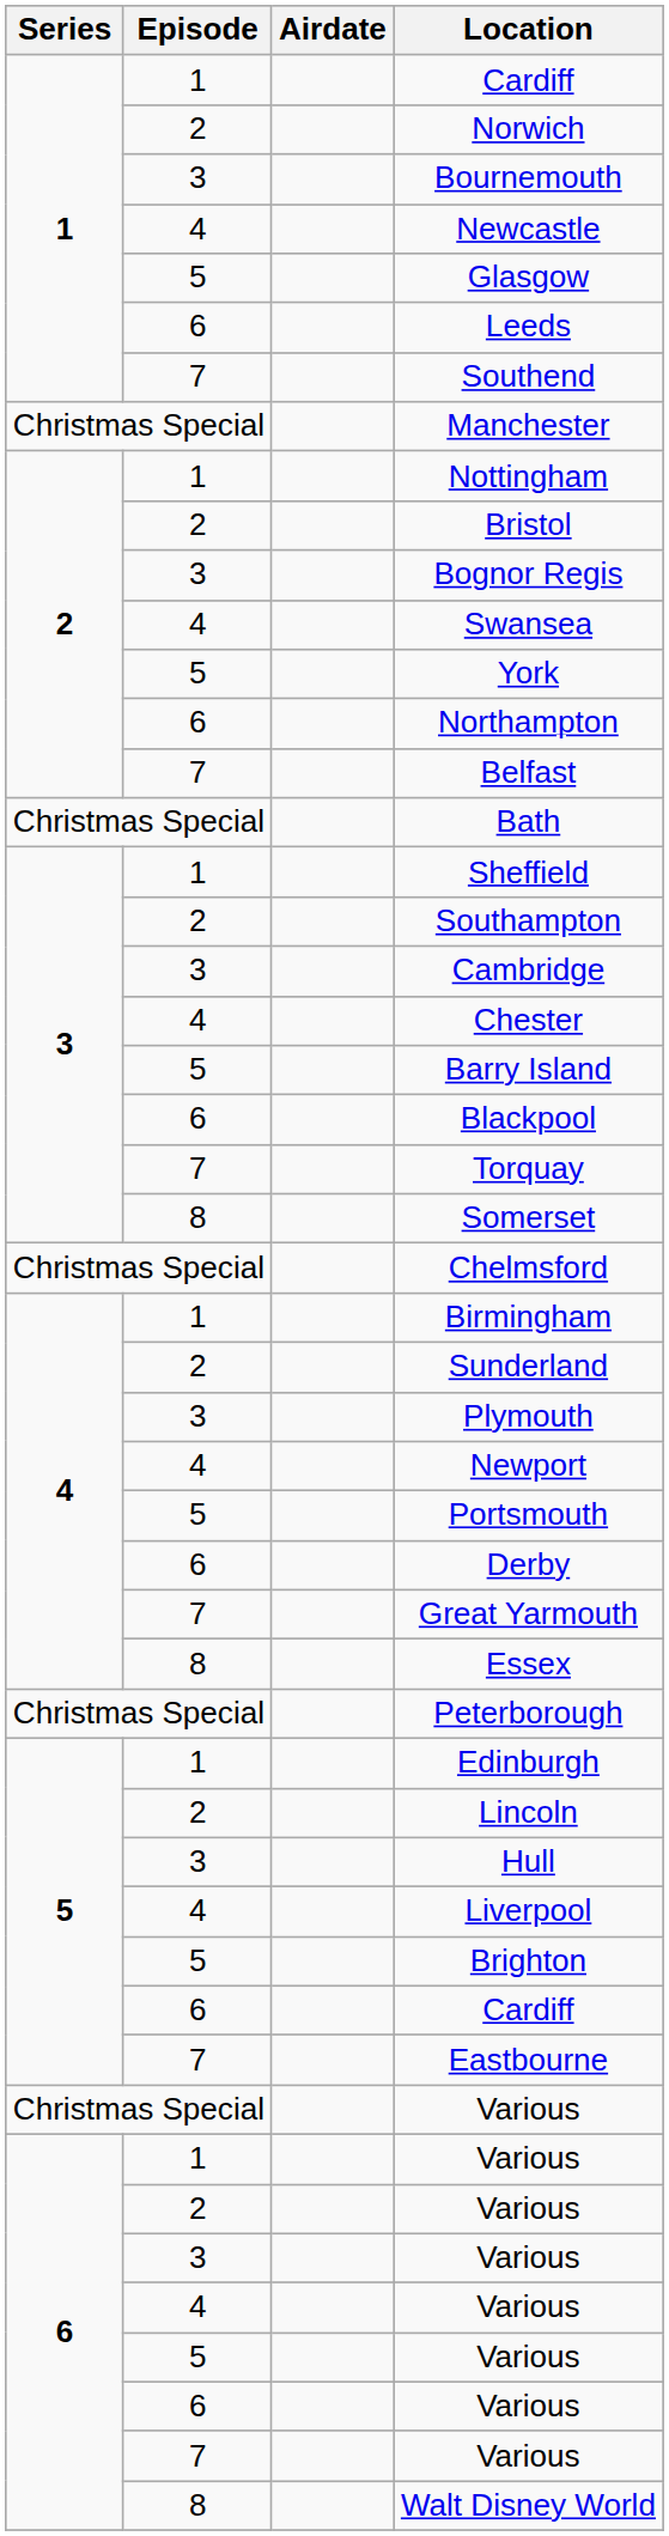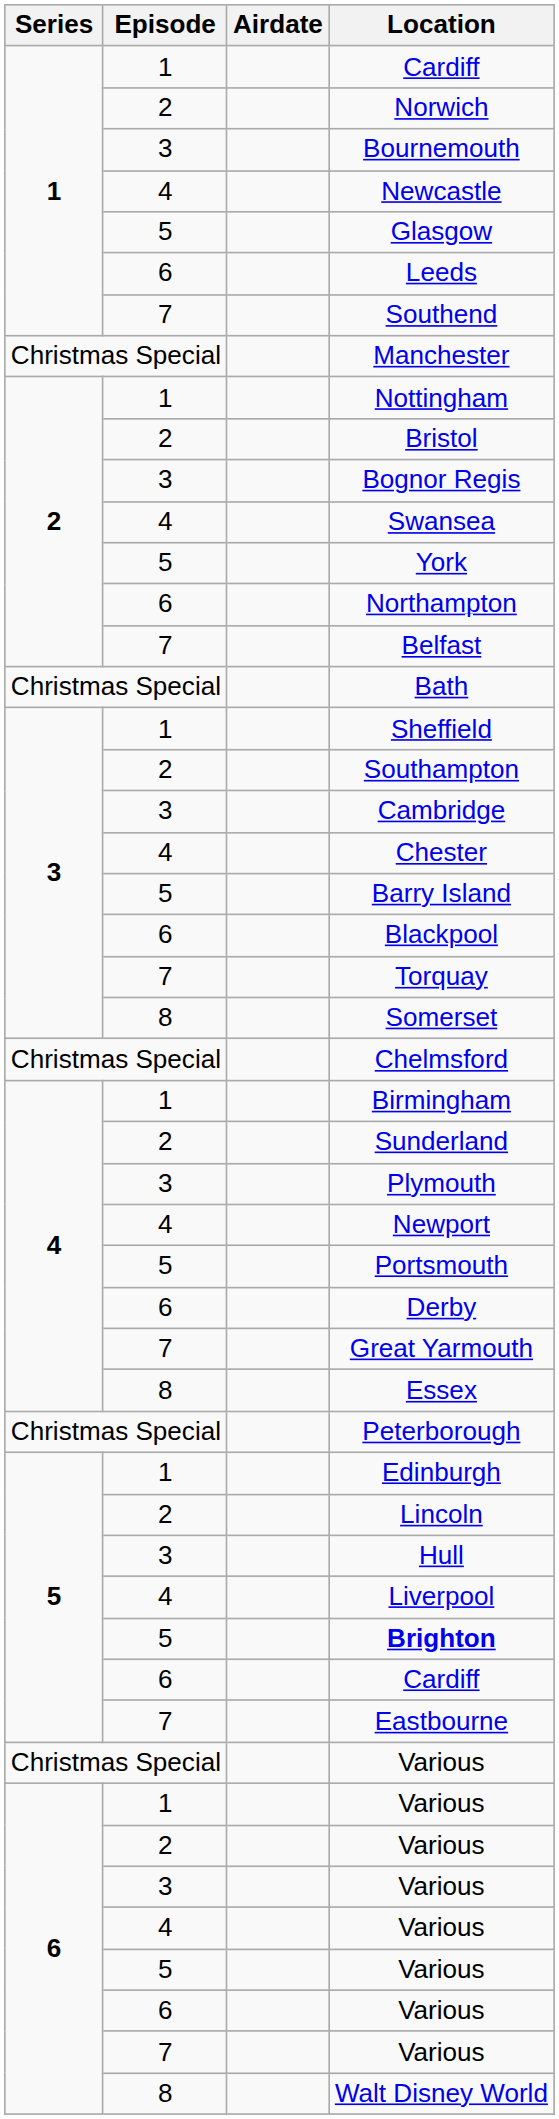 <table class="wikitable sortable sticky-header" style="text-align:center";>
 <tr>
 <th>Series</th>
 <th>Episode</th>
 <th>Airdate</th>
 <th>Location</th>
 </tr>
 <tr>
 <td rowspan=7><strong>1</strong></td>
 <td>1</td>
 <td></td>
 <td><a href='#'>Cardiff</a></td>
 </tr>
 <tr>
 <td>2</td>
 <td></td>
 <td><a href='#'>Norwich</a></td>
 </tr>
 <tr>
 <td>3</td>
 <td></td>
 <td><a href='#'>Bournemouth</a></td>
 </tr>
 <tr>
 <td>4</td>
 <td></td>
 <td><a href='#'>Newcastle</a></td>
 </tr>
 <tr>
 <td>5</td>
 <td></td>
 <td><a href='#'>Glasgow</a></td>
 </tr>
 <tr>
 <td>6</td>
 <td></td>
 <td><a href='#'>Leeds</a></td>
 </tr>
 <tr>
 <td>7</td>
 <td></td>
 <td><a href='#'>Southend</a></td>
 </tr>
 <tr>
 <td colspan=2>Christmas Special</td>
 <td></td>
 <td><a href='#'>Manchester</a></td>
 </tr>
 <tr>
 <td rowspan=7><strong>2</strong></td>
 <td>1</td>
 <td></td>
 <td><a href='#'>Nottingham</a></td>
 </tr>
 <tr>
 <td>2</td>
 <td></td>
 <td><a href='#'>Bristol</a></td>
 </tr>
 <tr>
 <td>3</td>
 <td></td>
 <td><a href='#'>Bognor Regis</a></td>
 </tr>
 <tr>
 <td>4</td>
 <td></td>
 <td><a href='#'>Swansea</a></td>
 </tr>
 <tr>
 <td>5</td>
 <td></td>
 <td><a href='#'>York</a></td>
 </tr>
 <tr>
 <td>6</td>
 <td></td>
 <td><a href='#'>Northampton</a></td>
 </tr>
 <tr>
 <td>7</td>
 <td></td>
 <td><a href='#'>Belfast</a></td>
 </tr>
 <tr>
 <td colspan=2>Christmas Special</td>
 <td></td>
 <td><a href='#'>Bath</a></td>
 </tr>
 <tr>
 <td rowspan=8><strong>3</strong></td>
 <td>1</td>
 <td></td>
 <td><a href='#'>Sheffield</a></td>
 </tr>
 <tr>
 <td>2</td>
 <td></td>
 <td><a href='#'>Southampton</a></td>
 </tr>
 <tr>
 <td>3</td>
 <td></td>
 <td><a href='#'>Cambridge</a></td>
 </tr>
 <tr>
 <td>4</td>
 <td></td>
 <td><a href='#'>Chester</a></td>
 </tr>
 <tr>
 <td>5</td>
 <td></td>
 <td><a href='#'>Barry Island</a></td>
 </tr>
 <tr>
 <td>6</td>
 <td></td>
 <td><a href='#'>Blackpool</a></td>
 </tr>
 <tr>
 <td>7</td>
 <td></td>
 <td><a href='#'>Torquay</a></td>
 </tr>
 <tr>
 <td>8</td>
 <td></td>
 <td><a href='#'>Somerset</a></td>
 </tr>
 <tr>
 <td colspan=2>Christmas Special</td>
 <td></td>
 <td><a href='#'>Chelmsford</a></td>
 </tr>
 <tr>
 <td rowspan=8><strong>4</strong></td>
 <td>1</td>
 <td></td>
 <td><a href='#'>Birmingham</a></td>
 </tr>
 <tr>
 <td>2</td>
 <td></td>
 <td><a href='#'>Sunderland</a></td>
 </tr>
 <tr>
 <td>3</td>
 <td></td>
 <td><a href='#'>Plymouth</a></td>
 </tr>
 <tr>
 <td>4</td>
 <td></td>
 <td><a href='#'>Newport</a></td>
 </tr>
 <tr>
 <td>5</td>
 <td></td>
 <td><a href='#'>Portsmouth</a></td>
 </tr>
 <tr>
 <td>6</td>
 <td></td>
 <td><a href='#'>Derby</a></td>
 </tr>
 <tr>
 <td>7</td>
 <td></td>
 <td><a href='#'>Great Yarmouth</a></td>
 </tr>
 <tr>
 <td>8</td>
 <td></td>
 <td><a href='#'>Essex</a></td>
 </tr>
 <tr>
 <td colspan=2>Christmas Special</td>
 <td></td>
 <td><a href='#'>Peterborough</a></td>
 </tr>
 <tr>
 <td rowspan=7><strong>5</strong></td>
 <td>1</td>
 <td></td>
 <td><a href='#'>Edinburgh</a></td>
 </tr>
 <tr>
 <td>2</td>
 <td></td>
 <td><a href='#'>Lincoln</a></td>
 </tr>
 <tr>
 <td>3</td>
 <td></td>
 <td><a href='#'>Hull</a></td>
 </tr>
 <tr>
 <td>4</td>
 <td></td>
 <td><a href='#'>Liverpool</a></td>
 </tr>
 <tr>
 <td>5</td>
 <td></td>
-<td><a href='#'>Brighton</a></td>
+<td><strong><a href='#'>Brighton</a></strong></td>
 </tr>
 <tr>
 <td>6</td>
 <td></td>
 <td><a href='#'>Cardiff</a></td>
 </tr>
 <tr>
 <td>7</td>
 <td></td>
 <td><a href='#'>Eastbourne</a></td>
 </tr>
 <tr>
 <td colspan=2>Christmas Special</td>
 <td></td>
 <td>Various</td>
 </tr>
 <tr>
 <td rowspan=8><strong>6</strong></td>
 <td>1</td>
 <td></td>
 <td>Various</td>
 </tr>
 <tr>
 <td>2</td>
 <td></td>
 <td>Various</td>
 </tr>
 <tr>
 <td>3</td>
 <td></td>
 <td>Various</td>
 </tr>
 <tr>
 <td>4</td>
 <td></td>
 <td>Various</td>
 </tr>
 <tr>
 <td>5</td>
 <td></td>
 <td>Various</td>
 </tr>
 <tr>
 <td>6</td>
 <td></td>
 <td>Various</td>
 </tr>
 <tr>
 <td>7</td>
 <td></td>
 <td>Various</td>
 </tr>
 <tr>
 <td>8</td>
 <td></td>
 <td><a href='#'>Walt Disney World</a></td>
 </tr>
 </table>
